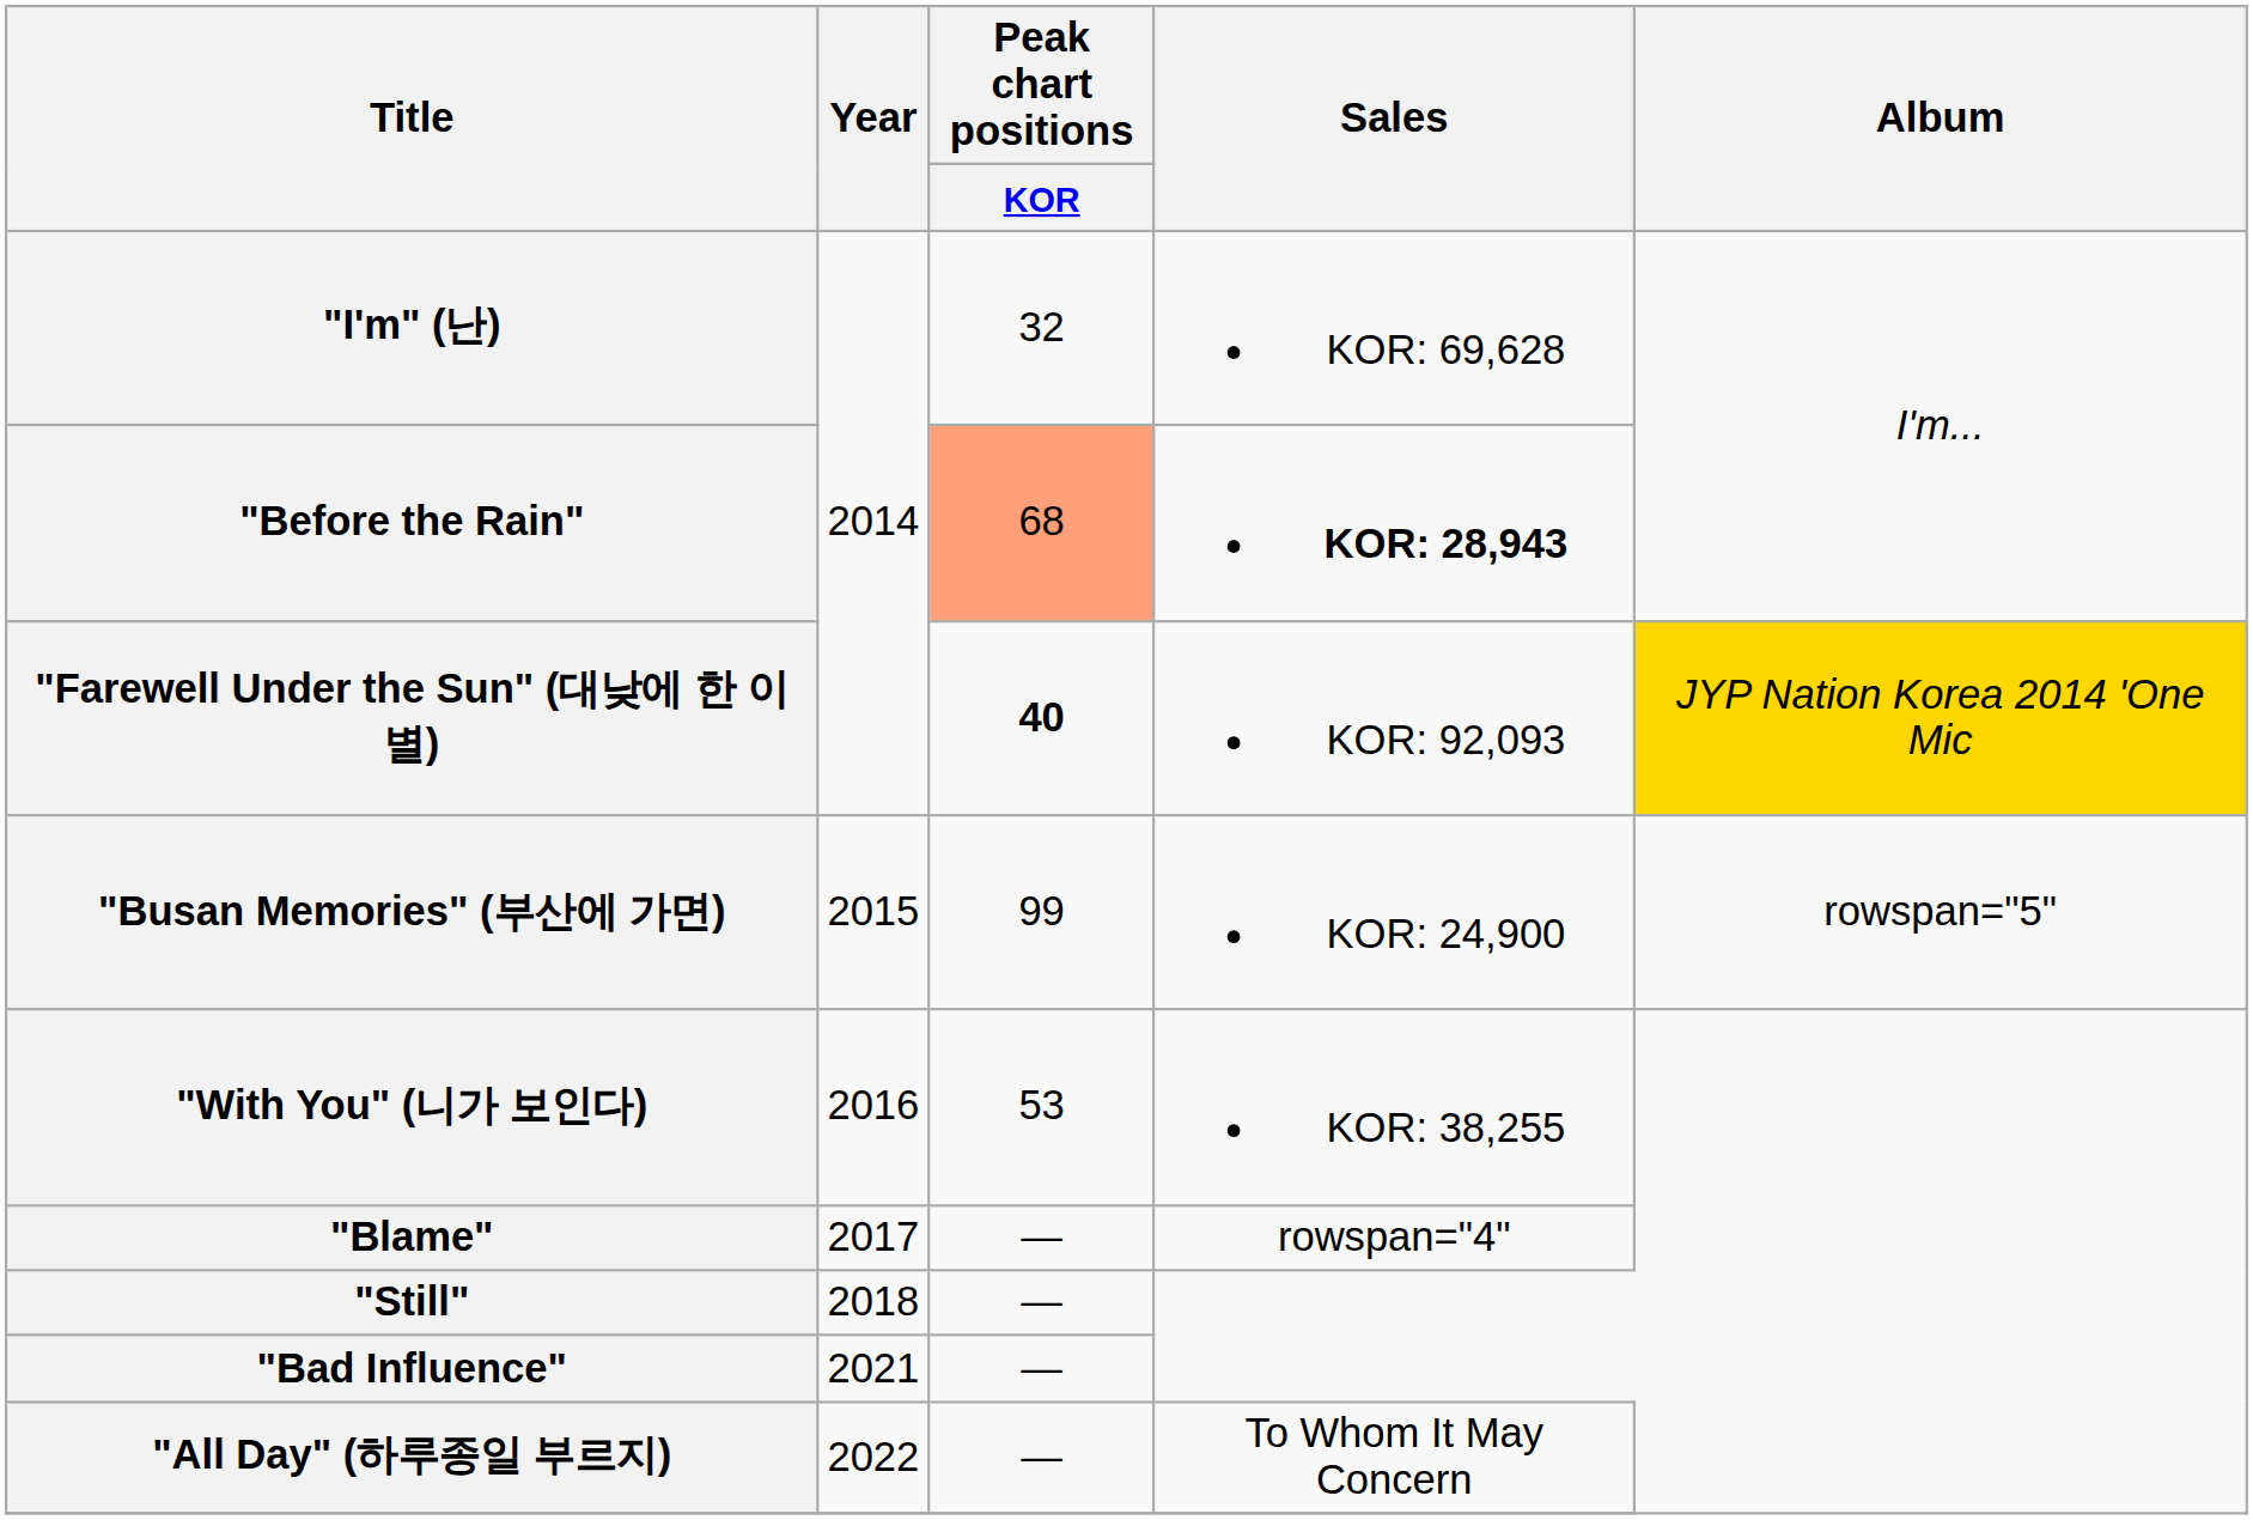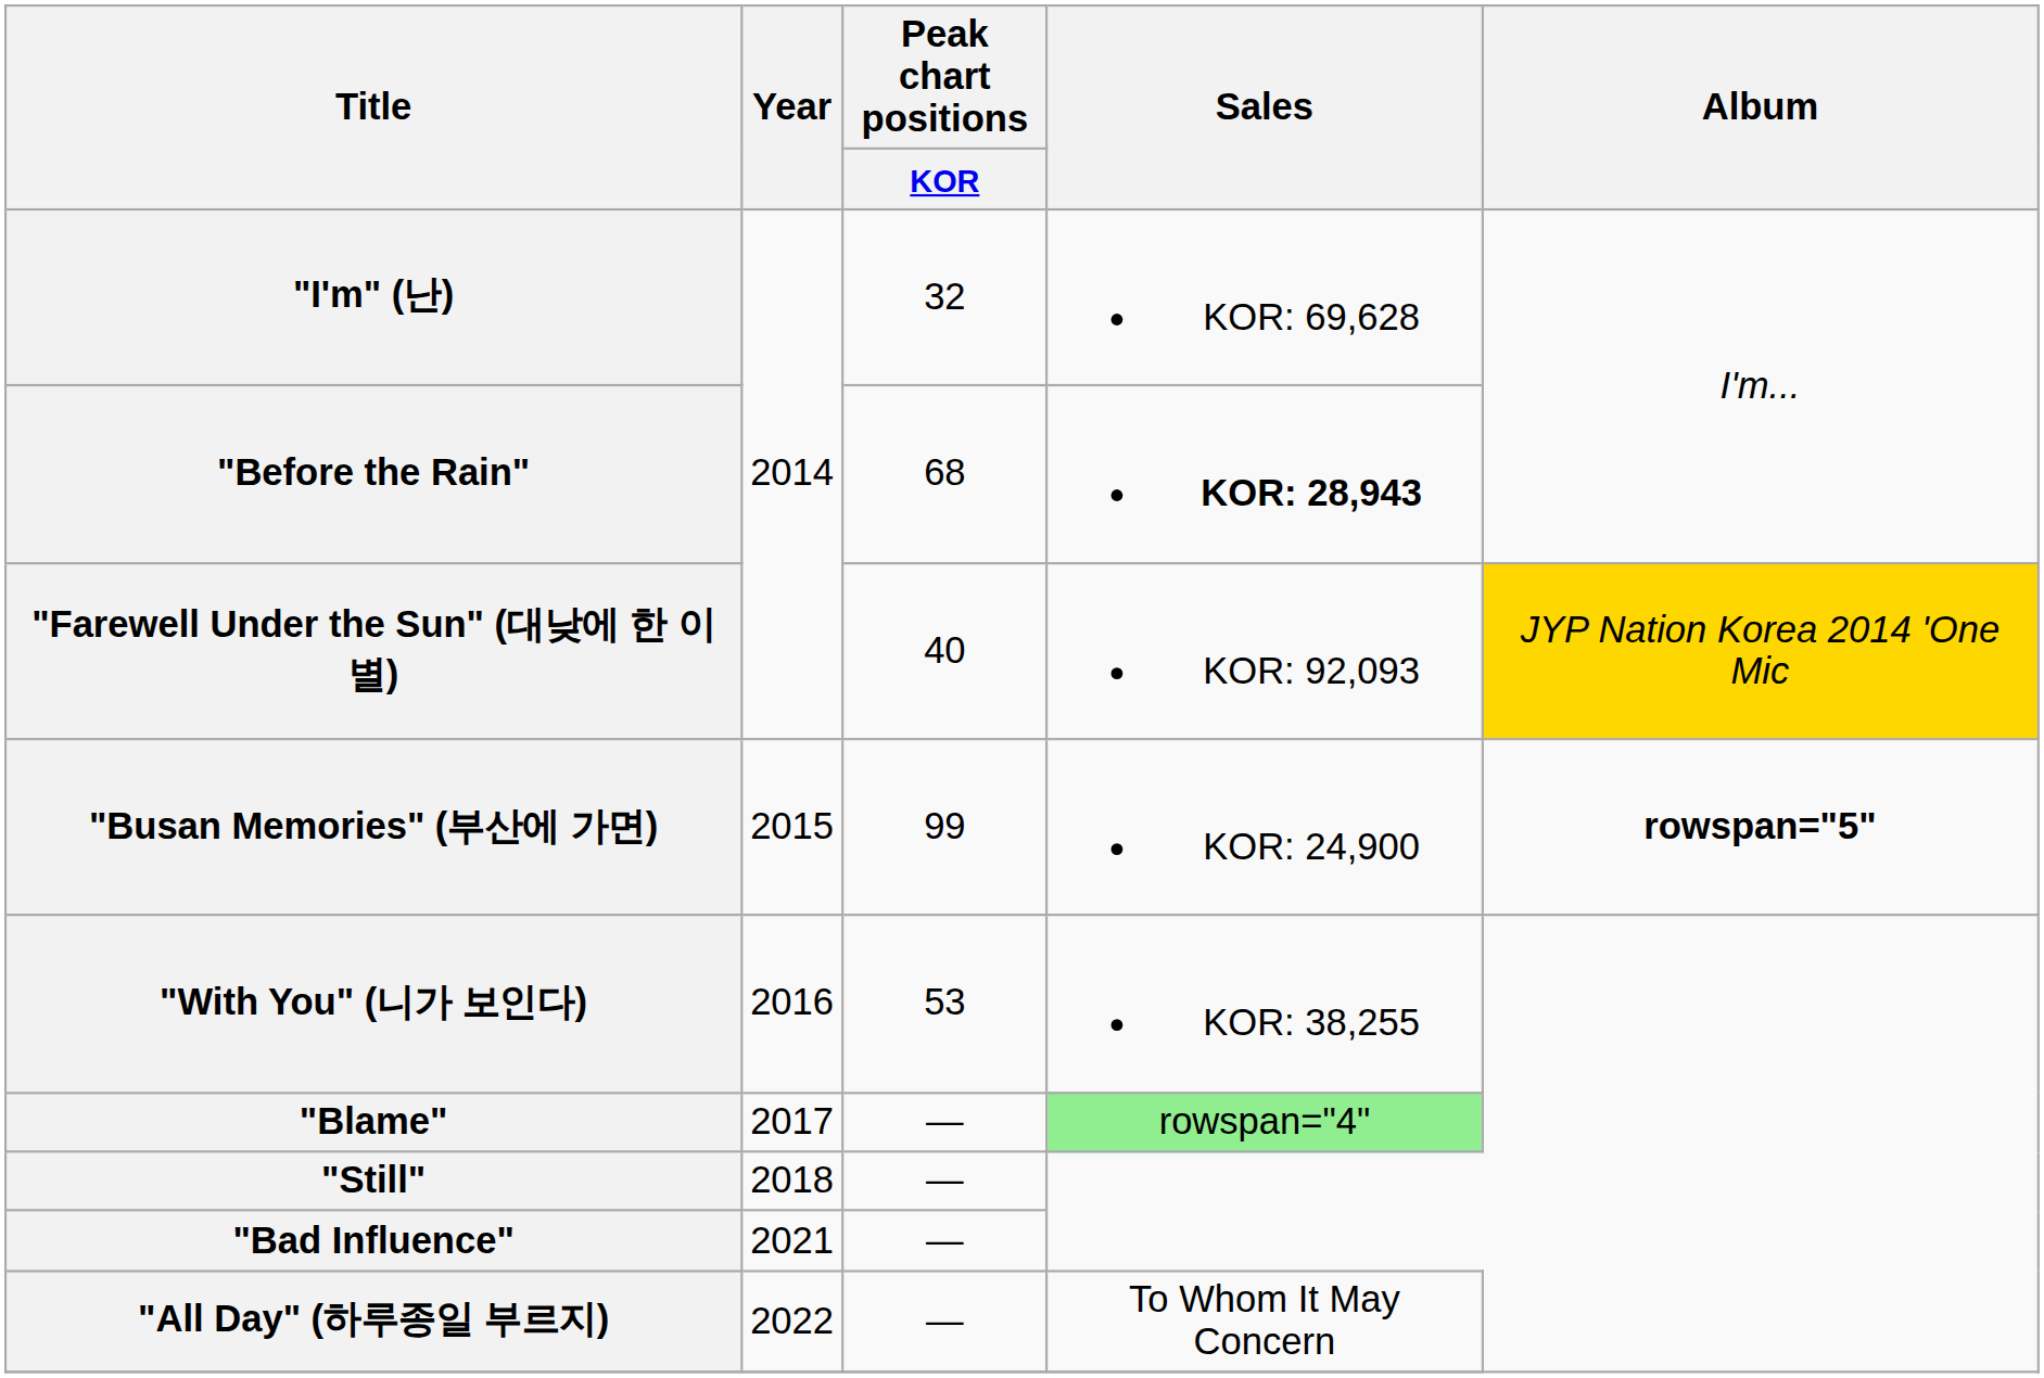 <table class="wikitable plainrowheaders" style="text-align:center">
 <tr>
 <th scope="col" rowspan="2">Title</th>
 <th scope="col" rowspan="2">Year</th>
 <th scope="col" colspan="1" style="width:5em;">Peak chart positions</th>
 <th scope="col" rowspan="2">Sales</th>
 <th scope="col" rowspan="2">Album</th>
 </tr>
 <tr>
 <th><small><a href='#'>KOR</a></small><br></th>
 </tr>
 <tr>
 <th scope="row">"I'm" (난)</th>
 <td rowspan="3">2014</td>
 <td>32</td>
 <td><br><ul><li>KOR: 69,628</li></ul></td>
 <td rowspan="2"><em>I'm...</em></td>
 </tr>
 <tr>
 <th scope="row">"Before the Rain"</th>
-<td style="background: lightsalmon;">68</td>
+<td>68</td>
 <td><strong><br><ul><li>KOR: 28,943</li></ul></strong></td>
 </tr>
 <tr>
 <th scope="row">"Farewell Under the Sun" (대낮에 한 이별)<br></th>
-<td><strong>40</strong></td>
+<td>40</td>
 <td><br><ul><li>KOR: 92,093</li></ul></td>
 <td style="background: gold;"><em>JYP Nation Korea 2014 'One Mic<strong></td>
 </tr>
 <tr>
 <th scope="row">"Busan Memories" (부산에 가면)<br></th>
 <td>2015</td>
 <td>99</td>
 <td><br><ul><li>KOR: 24,900</li></ul></td>
-<td>rowspan="5" </td>
+<td><strong>rowspan="5" </strong></td>
 </tr>
 <tr>
 <th scope="row">"With You" (니가 보인다)<br></th>
 <td>2016</td>
 <td>53</td>
 <td><br><ul><li>KOR: 38,255</li></ul></td>
 </tr>
 <tr>
 <th scope="row">"Blame"<br></th>
 <td>2017</td>
 <td>—</td>
-<td>rowspan="4" </td>
+<td style="background: lightgreen;">rowspan="4" </td>
 </tr>
 <tr>
 <th scope="row">"Still" <br></th>
 <td>2018</td>
 <td>—</td>
 </tr>
 <tr>
 <th scope="row">"Bad Influence"</th>
 <td>2021</td>
 <td>—</td>
 </tr>
 <tr>
 <th scope="row">"All Day" (하루종일 부르지)</th>
 <td>2022</td>
 <td>—</td>
 <td></em>To Whom It May Concern<em></td>
 </tr>
 <tr>
 </tr>
 </table>
